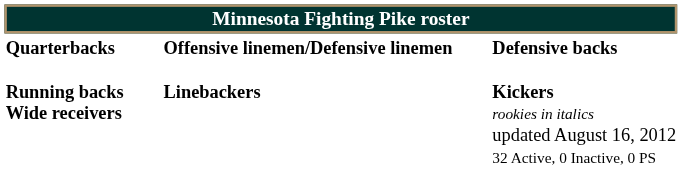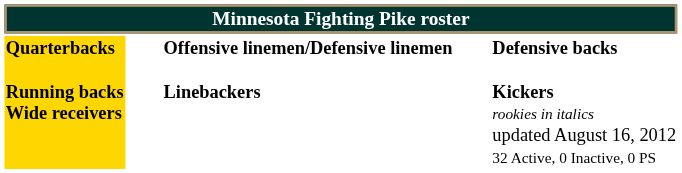 <table class="toccolours" style="text-align: left;">
 <tr>
 <th colspan=7 style="background:#003431; border: 2px solid #B1946C; color:white; text-align:center;"><strong>Minnesota Fighting Pike roster</strong></th>
 </tr>
 <tr>
-<td style="font-size: 95%;" valign="top"><strong>Quarterbacks</strong><br> <br><strong>Running backs</strong>   <br><strong>Wide receivers</strong>        </td>
+<td style="background: gold; font-size: 95%;" valign="top"><strong>Quarterbacks</strong><br> <br><strong>Running backs</strong>   <br><strong>Wide receivers</strong>        </td>
 <td style="width: 25px;"></td>
 <td style="font-size: 95%;" valign="top"><strong>Offensive linemen/Defensive linemen</strong><br>      <br><strong>Linebackers</strong>    </td>
 <td style="width: 25px;"></td>
 <td style="font-size: 95%;" valign="top"><strong>Defensive backs</strong><br>      <br><strong>Kickers</strong>  <br><small><em>rookies in italics</em></small><br>  updated August 16, 2012<br> <small>32 Active, 0 Inactive, 0 PS</small></td>
 </tr>
 <tr>
 </tr>
 </table>
